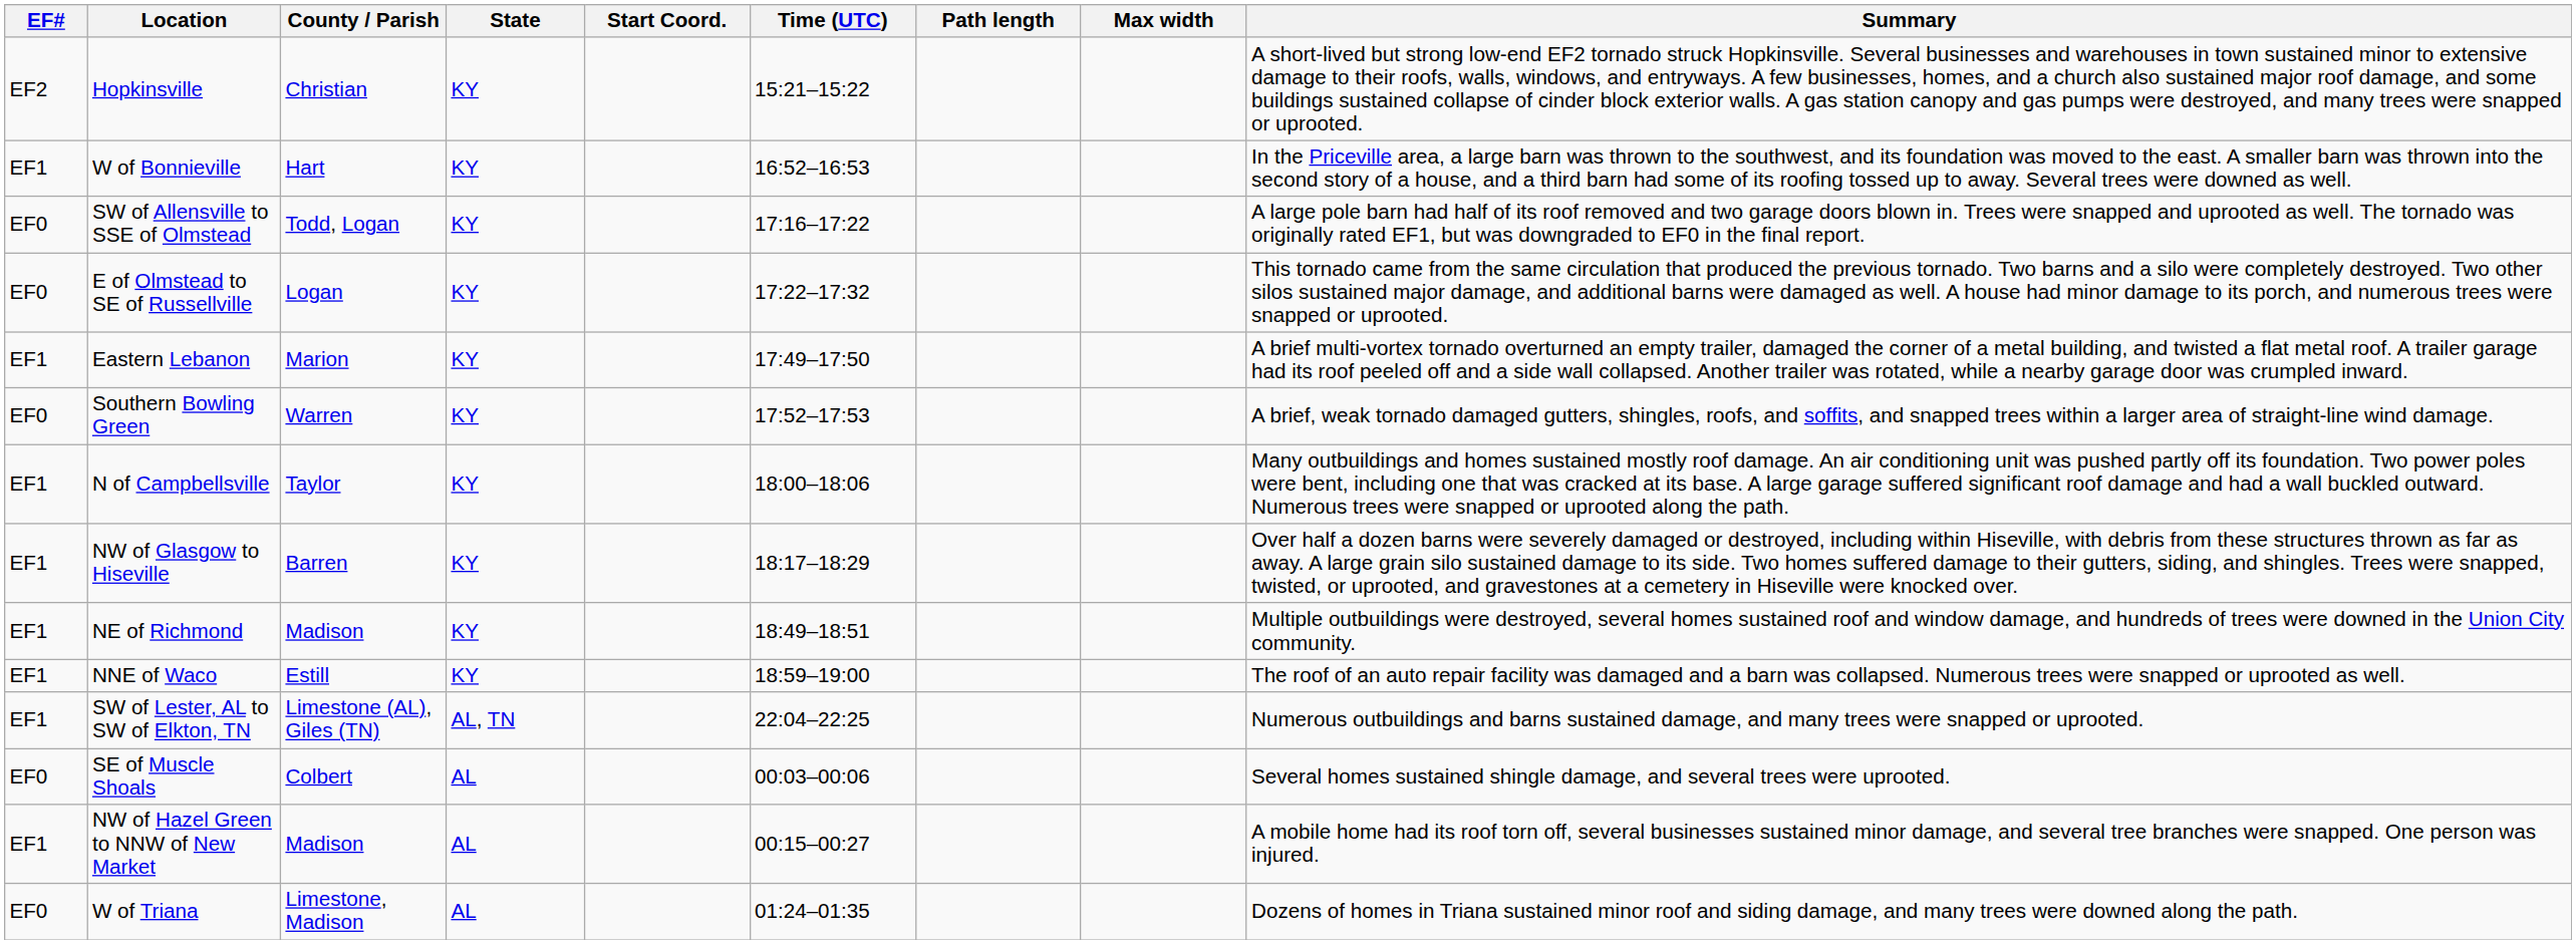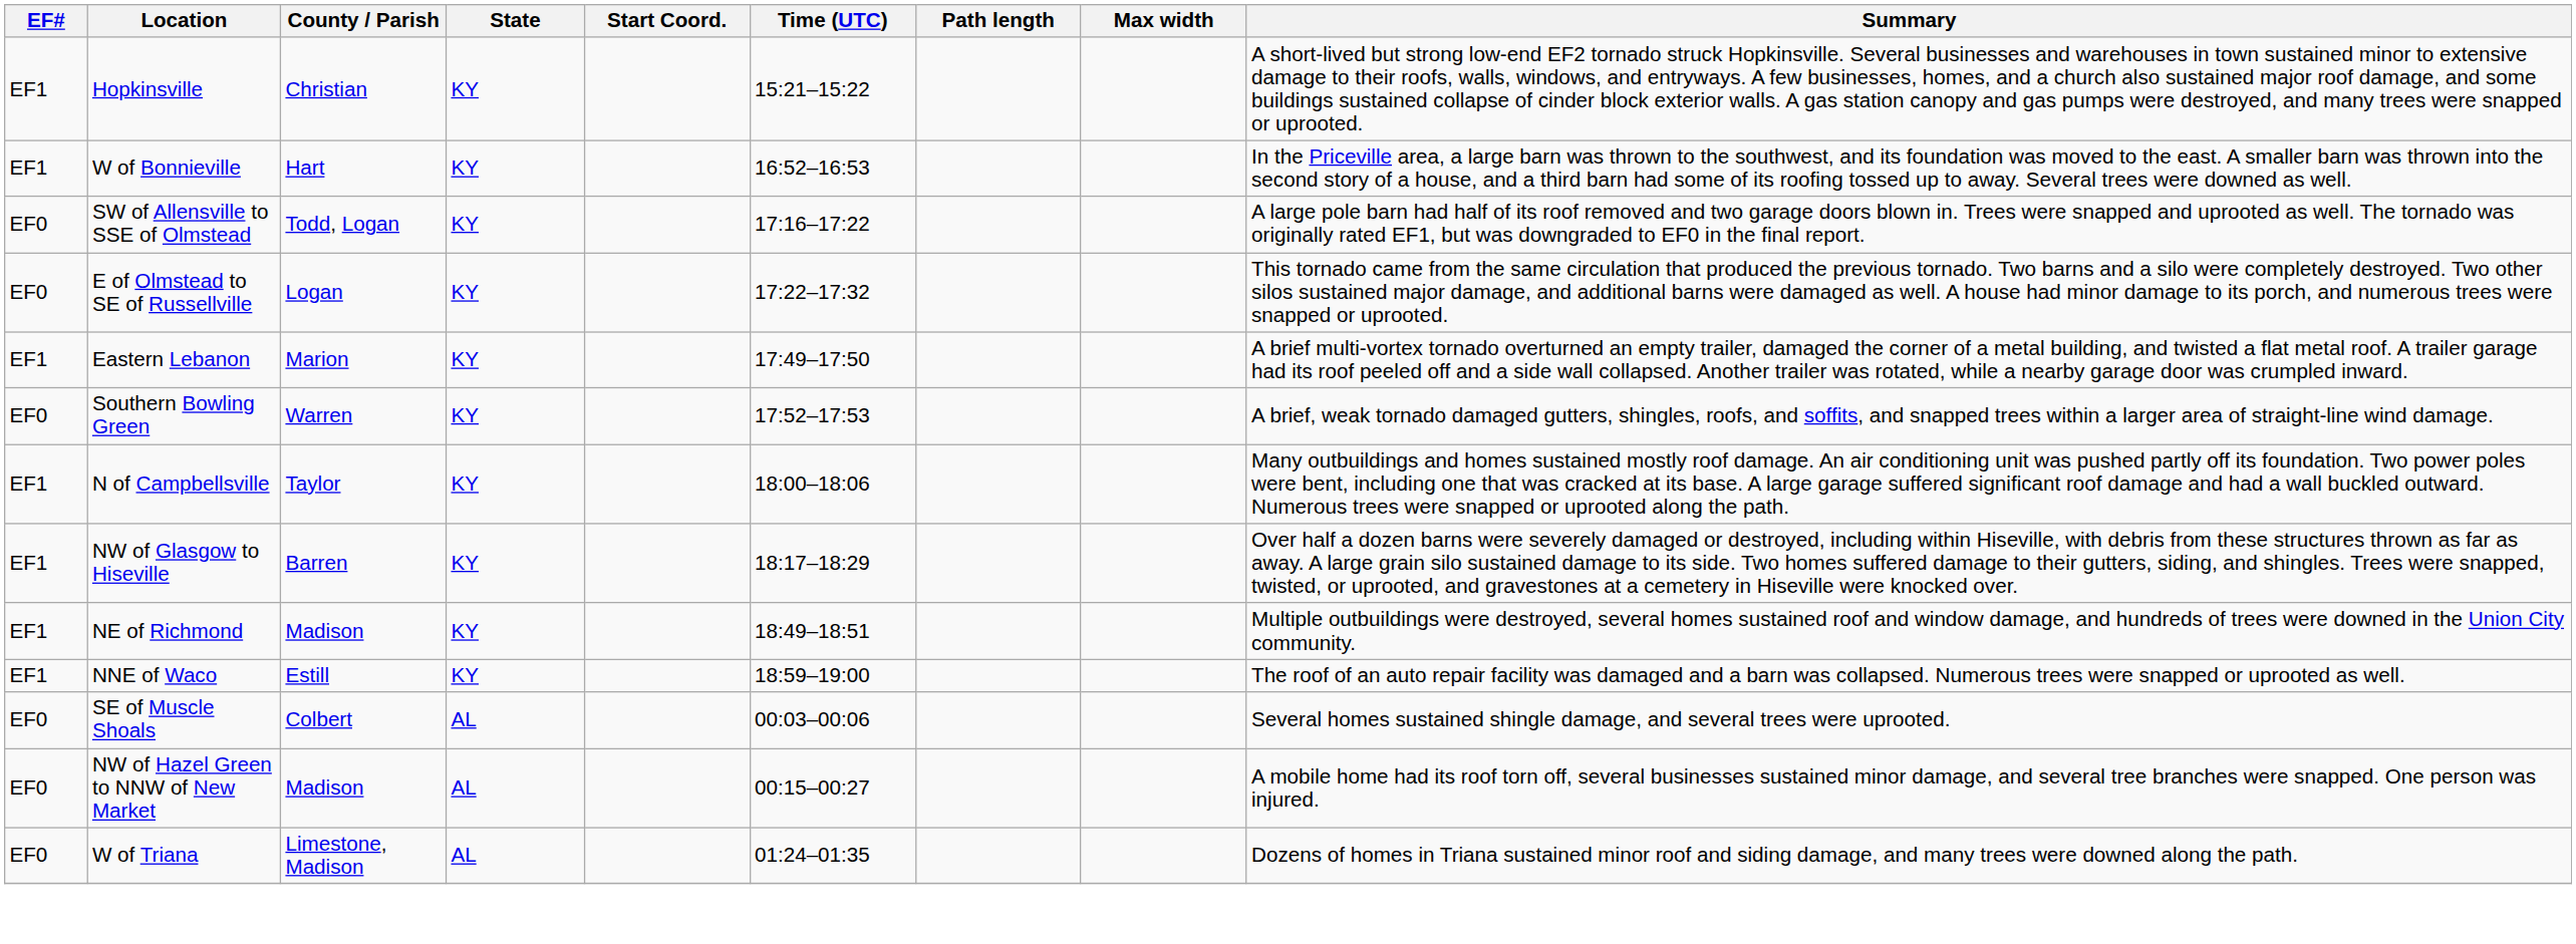 <table class="wikitable sortable" style="width:100%;">
 <tr>
 <th scope="col"  style="width:3%; text-align:center;"><a href='#'>EF#</a></th>
 <th scope="col"  style="width:7%; text-align:center;" class="unsortable">Location</th>
 <th scope="col"  style="width:6%; text-align:center;" class="unsortable">County / Parish</th>
 <th scope="col"  style="width:5%; text-align:center;">State</th>
 <th scope="col"  style="width:6%; text-align:center;">Start Coord.</th>
 <th scope="col"  style="width:6%; text-align:center;">Time (<a href='#'>UTC</a>)</th>
 <th scope="col"  style="width:6%; text-align:center;">Path length</th>
 <th scope="col"  style="width:6%; text-align:center;">Max width</th>
 <th scope="col" class="unsortable" style="width:48%; text-align:center;">Summary</th>
 </tr>
 <tr>
-<td>EF2</td>
+<td>EF1</td>
 <td><a href='#'>Hopkinsville</a></td>
 <td><a href='#'>Christian</a></td>
 <td><a href='#'>KY</a></td>
 <td></td>
 <td>15:21–15:22</td>
 <td></td>
 <td></td>
 <td>A short-lived but strong low-end EF2 tornado struck Hopkinsville. Several businesses and warehouses in town sustained minor to extensive damage to their roofs, walls, windows, and entryways. A few businesses, homes, and a church also sustained major roof damage, and some buildings sustained collapse of cinder block exterior walls. A gas station canopy and gas pumps were destroyed, and many trees were snapped or uprooted.</td>
 </tr>
 <tr>
 <td>EF1</td>
 <td>W of <a href='#'>Bonnieville</a></td>
 <td><a href='#'>Hart</a></td>
 <td><a href='#'>KY</a></td>
 <td></td>
 <td>16:52–16:53</td>
 <td></td>
 <td></td>
 <td>In the <a href='#'>Priceville</a> area, a large barn was thrown  to the southwest, and its foundation was moved  to the east. A smaller barn was thrown  into the second story of a house, and a third barn had some of its roofing tossed up to  away. Several trees were downed as well.</td>
 </tr>
 <tr>
 <td>EF0</td>
 <td>SW of <a href='#'>Allensville</a> to SSE of <a href='#'>Olmstead</a></td>
 <td><a href='#'>Todd</a>, <a href='#'>Logan</a></td>
 <td><a href='#'>KY</a></td>
 <td></td>
 <td>17:16–17:22</td>
 <td></td>
 <td></td>
 <td>A large pole barn had half of its roof removed and two garage doors blown in. Trees were snapped and uprooted as well. The tornado was originally rated EF1, but was downgraded to EF0 in the final report.</td>
 </tr>
 <tr>
 <td>EF0</td>
 <td>E of <a href='#'>Olmstead</a> to SE of <a href='#'>Russellville</a></td>
 <td><a href='#'>Logan</a></td>
 <td><a href='#'>KY</a></td>
 <td></td>
 <td>17:22–17:32</td>
 <td></td>
 <td></td>
 <td>This tornado came from the same circulation that produced the previous tornado. Two barns and a silo were completely destroyed. Two other silos sustained major damage, and additional barns were damaged as well. A house had minor damage to its porch, and numerous trees were snapped or uprooted.</td>
 </tr>
 <tr>
 <td>EF1</td>
 <td>Eastern <a href='#'>Lebanon</a></td>
 <td><a href='#'>Marion</a></td>
 <td><a href='#'>KY</a></td>
 <td></td>
 <td>17:49–17:50</td>
 <td></td>
 <td></td>
 <td>A brief multi-vortex tornado overturned an empty trailer, damaged the corner of a metal building, and twisted a flat metal roof. A trailer garage had its roof peeled off and a side wall collapsed. Another trailer was rotated, while a nearby garage door was crumpled inward.</td>
 </tr>
 <tr>
 <td>EF0</td>
 <td>Southern <a href='#'>Bowling Green</a></td>
 <td><a href='#'>Warren</a></td>
 <td><a href='#'>KY</a></td>
 <td></td>
 <td>17:52–17:53</td>
 <td></td>
 <td></td>
 <td>A brief, weak tornado damaged gutters, shingles, roofs, and <a href='#'>soffits</a>, and snapped trees within a larger area of straight-line wind damage.</td>
 </tr>
 <tr>
 <td>EF1</td>
 <td>N of <a href='#'>Campbellsville</a></td>
 <td><a href='#'>Taylor</a></td>
 <td><a href='#'>KY</a></td>
 <td></td>
 <td>18:00–18:06</td>
 <td></td>
 <td></td>
 <td>Many outbuildings and homes sustained mostly roof damage. An air conditioning unit was pushed partly off its foundation. Two power poles were bent, including one that was cracked at its base. A large garage suffered significant roof damage and had a wall buckled outward. Numerous trees were snapped or uprooted along the path.</td>
 </tr>
 <tr>
 <td>EF1</td>
 <td>NW of <a href='#'>Glasgow</a> to <a href='#'>Hiseville</a></td>
 <td><a href='#'>Barren</a></td>
 <td><a href='#'>KY</a></td>
 <td></td>
 <td>18:17–18:29</td>
 <td></td>
 <td></td>
 <td>Over half a dozen barns were severely damaged or destroyed, including within Hiseville, with debris from these structures thrown as far as  away. A large grain silo sustained damage to its side. Two homes suffered damage to their gutters, siding, and shingles. Trees were snapped, twisted, or uprooted, and gravestones at a cemetery in Hiseville were knocked over.</td>
 </tr>
 <tr>
 <td>EF1</td>
 <td>NE of <a href='#'>Richmond</a></td>
 <td><a href='#'>Madison</a></td>
 <td><a href='#'>KY</a></td>
 <td></td>
 <td>18:49–18:51</td>
 <td></td>
 <td></td>
 <td>Multiple outbuildings were destroyed, several homes sustained roof and window damage, and hundreds of trees were downed in the <a href='#'>Union City</a> community.</td>
 </tr>
 <tr>
 <td>EF1</td>
 <td>NNE of <a href='#'>Waco</a></td>
 <td><a href='#'>Estill</a></td>
 <td><a href='#'>KY</a></td>
 <td></td>
 <td>18:59–19:00</td>
 <td></td>
 <td></td>
 <td>The roof of an auto repair facility was damaged and a barn was collapsed. Numerous trees were snapped or uprooted as well.</td>
 </tr>
 <tr>
-<td>EF1</td>
-<td>SW of <a href='#'>Lester, AL</a> to SW of <a href='#'>Elkton, TN</a></td>
-<td><a href='#'>Limestone (AL)</a>, <a href='#'>Giles (TN)</a></td>
-<td><a href='#'>AL</a>, <a href='#'>TN</a></td>
-<td></td>
-<td>22:04–22:25</td>
-<td></td>
-<td></td>
-<td>Numerous outbuildings and barns sustained damage, and many trees were snapped or uprooted.</td>
-</tr>
-<tr>
 <td>EF0</td>
 <td>SE of <a href='#'>Muscle Shoals</a></td>
 <td><a href='#'>Colbert</a></td>
 <td><a href='#'>AL</a></td>
 <td></td>
 <td>00:03–00:06</td>
 <td></td>
 <td></td>
 <td>Several homes sustained shingle damage, and several trees were uprooted.</td>
 </tr>
 <tr>
-<td>EF1</td>
+<td>EF0</td>
 <td>NW of <a href='#'>Hazel Green</a> to NNW of <a href='#'>New Market</a></td>
 <td><a href='#'>Madison</a></td>
 <td><a href='#'>AL</a></td>
 <td></td>
 <td>00:15–00:27</td>
 <td></td>
 <td></td>
 <td>A mobile home had its roof torn off, several businesses sustained minor damage, and several tree branches were snapped. One person was injured.</td>
 </tr>
 <tr>
 <td>EF0</td>
 <td>W of <a href='#'>Triana</a></td>
 <td><a href='#'>Limestone</a>, <a href='#'>Madison</a></td>
 <td><a href='#'>AL</a></td>
 <td></td>
 <td>01:24–01:35</td>
 <td></td>
 <td></td>
 <td>Dozens of homes in Triana sustained minor roof and siding damage, and many trees were downed along the path.</td>
 </tr>
 <tr>
 </tr>
 </table>
